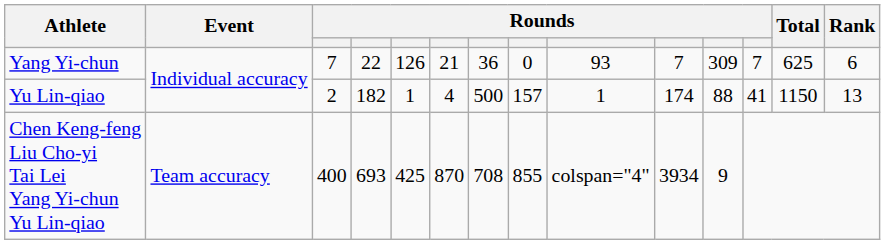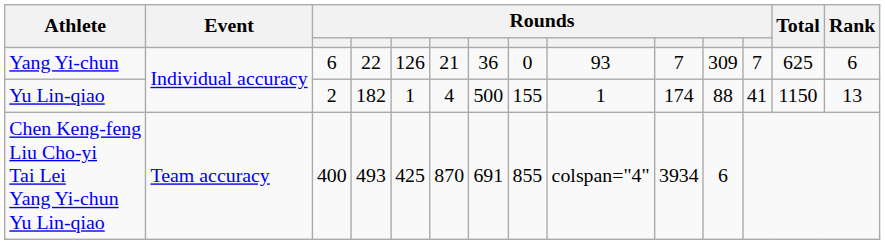 <table class="wikitable" style="font-size:90%; text-align:center">
 <tr>
 <th rowspan="2">Athlete</th>
 <th rowspan="2">Event</th>
 <th colspan="10">Rounds</th>
 <th rowspan="2">Total</th>
 <th rowspan="2">Rank</th>
 </tr>
 <tr>
 <th></th>
 <th></th>
 <th></th>
 <th></th>
 <th></th>
 <th></th>
 <th></th>
 <th></th>
 <th></th>
 <th></th>
 </tr>
 <tr>
 <td align="left"><a href='#'>Yang Yi-chun</a></td>
 <td align="left" rowspan="2"><a href='#'>Individual accuracy</a></td>
-<td>7</td>
+<td>6</td>
 <td>22</td>
 <td>126</td>
 <td>21</td>
 <td>36</td>
 <td>0</td>
 <td>93</td>
 <td>7</td>
 <td>309</td>
 <td>7</td>
 <td>625</td>
 <td>6</td>
 </tr>
 <tr>
 <td align="left"><a href='#'>Yu Lin-qiao</a></td>
 <td>2</td>
 <td>182</td>
 <td>1</td>
 <td>4</td>
 <td>500</td>
-<td>157</td>
+<td>155</td>
 <td>1</td>
 <td>174</td>
 <td>88</td>
 <td>41</td>
 <td>1150</td>
 <td>13</td>
 </tr>
 <tr>
 <td align="left"><a href='#'>Chen Keng-feng</a><br><a href='#'>Liu Cho-yi</a><br><a href='#'>Tai Lei</a><br><a href='#'>Yang Yi-chun</a><br><a href='#'>Yu Lin-qiao</a></td>
 <td align="left"><a href='#'>Team accuracy</a></td>
 <td>400</td>
-<td>693</td>
+<td>493</td>
 <td>425</td>
 <td>870</td>
-<td>708</td>
+<td>691</td>
 <td>855</td>
 <td>colspan="4" </td>
 <td>3934</td>
-<td>9</td>
+<td>6</td>
 </tr>
 </table>
